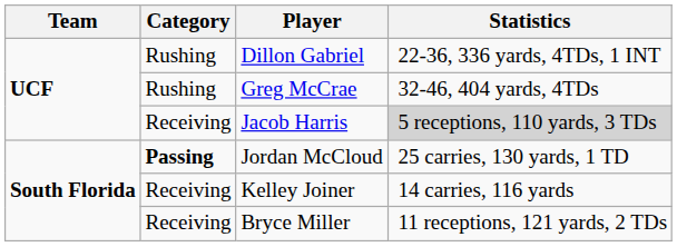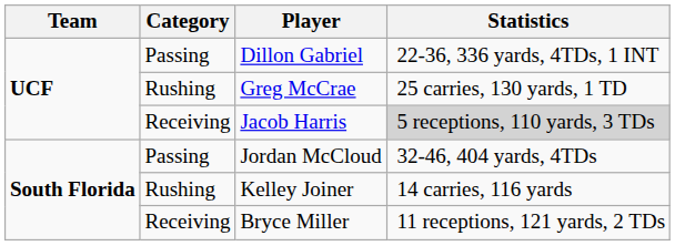 <table class="wikitable" style="float: left;">
 <tr>
 <th>Team</th>
 <th>Category</th>
 <th>Player</th>
 <th>Statistics</th>
 </tr>
 <tr>
 <td rowspan=3><strong>UCF</strong></td>
-<td>Rushing</td>
+<td>Passing</td>
 <td><a href='#'>Dillon Gabriel</a></td>
 <td> 22-36, 336 yards, 4TDs, 1 INT</td>
 </tr>
 <tr>
 <td>Rushing</td>
 <td><a href='#'>Greg McCrae</a></td>
-<td> 32-46, 404 yards, 4TDs</td>
+<td> 25 carries, 130 yards, 1 TD</td>
 </tr>
 <tr>
 <td>Receiving</td>
 <td><a href='#'>Jacob Harris</a></td>
 <td style="background: lightgrey;"> 5 receptions, 110 yards, 3 TDs</td>
 </tr>
 <tr>
 <td rowspan=3><strong>South Florida</strong></td>
-<td><strong>Passing</strong></td>
+<td>Passing</td>
 <td>Jordan McCloud</td>
-<td> 25 carries, 130 yards, 1 TD</td>
+<td> 32-46, 404 yards, 4TDs</td>
 </tr>
 <tr>
-<td>Receiving</td>
+<td>Rushing</td>
 <td>Kelley Joiner</td>
 <td> 14 carries, 116 yards</td>
 </tr>
 <tr>
 <td>Receiving</td>
 <td>Bryce Miller</td>
 <td> 11 receptions, 121 yards, 2 TDs</td>
 </tr>
 </table>
